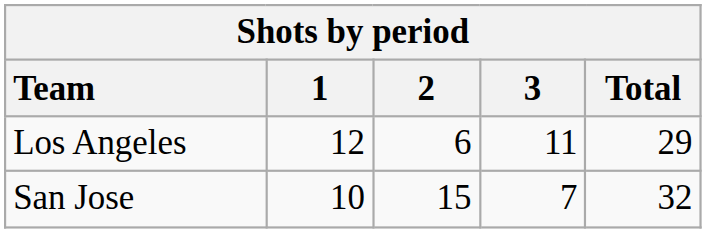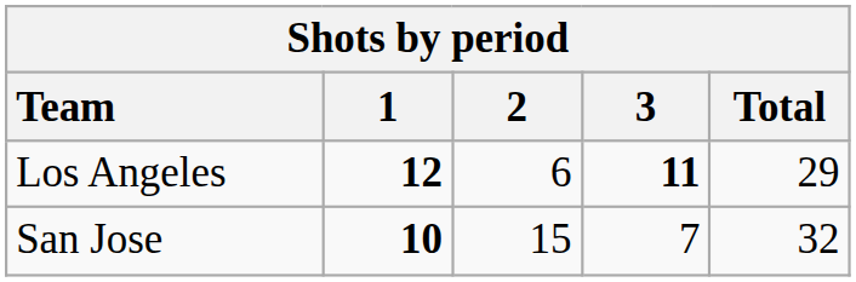 <table class="wikitable" style="width:20em; text-align:right;">
 <tr>
 <th colspan=6>Shots by period</th>
 </tr>
 <tr>
 <th style="width:8em; text-align:left;">Team</th>
 <th style="width:3em;">1</th>
 <th style="width:3em;">2</th>
 <th style="width:3em;">3</th>
 <th style="width:3em;">Total</th>
 </tr>
 <tr>
 <td style="text-align:left;">Los Angeles</td>
-<td>12</td>
+<td><strong>12</strong></td>
 <td>6</td>
-<td>11</td>
+<td><strong>11</strong></td>
 <td>29</td>
 </tr>
 <tr>
 <td style="text-align:left;">San Jose</td>
-<td>10</td>
+<td><strong>10</strong></td>
 <td>15</td>
 <td>7</td>
 <td>32</td>
 </tr>
 </table>
